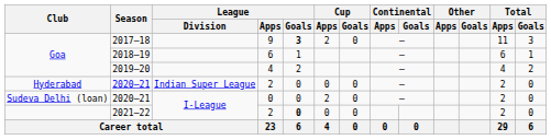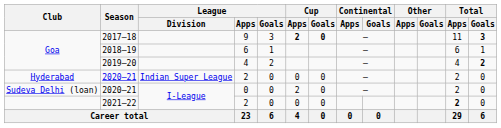 <table class=wikitable style=text-align:center>
 <tr>
 <th rowspan=2>Club</th>
 <th rowspan=2>Season</th>
 <th colspan=3>League</th>
 <th colspan=2>Cup</th>
 <th colspan=2>Continental</th>
 <th colspan="2">Other</th>
 <th colspan=2>Total</th>
 </tr>
 <tr>
 <th>Division</th>
 <th>Apps</th>
 <th>Goals</th>
 <th>Apps</th>
 <th>Goals</th>
 <th>Apps</th>
 <th>Goals</th>
 <th>Apps</th>
 <th>Goals</th>
 <th>Apps</th>
 <th>Goals</th>
 </tr>
 <tr>
 <td rowspan="3"><a href='#'>Goa</a></td>
 <td>2017–18</td>
 <td></td>
 <td>9</td>
-<td><strong>3</strong></td>
-<td>2</td>
-<td>0</td>
+<td>3</td>
+<td><strong>2</strong></td>
+<td><strong>0</strong></td>
 <td colspan="2">—</td>
 <td></td>
 <td></td>
 <td>11</td>
-<td>3</td>
+<td><strong>3</strong></td>
 </tr>
 <tr>
 <td>2018–19</td>
 <td></td>
 <td>6</td>
 <td>1</td>
 <td></td>
 <td></td>
 <td colspan="2">—</td>
 <td></td>
 <td></td>
 <td>6</td>
 <td>1</td>
 </tr>
 <tr>
 <td>2019–20</td>
 <td></td>
 <td>4</td>
 <td>2</td>
 <td></td>
 <td></td>
 <td colspan="2">—</td>
 <td></td>
 <td></td>
 <td>4</td>
-<td>2</td>
+<td><strong>2</strong></td>
 </tr>
 <tr>
 <td rowspan=1><a href='#'>Hyderabad</a></td>
 <td><a href='#'>2020–21</a></td>
 <td><a href='#'>Indian Super League</a></td>
 <td>2</td>
 <td>0</td>
 <td>0</td>
 <td>0</td>
 <td colspan="2">—</td>
 <td></td>
 <td></td>
 <td>2</td>
 <td>0</td>
 </tr>
 <tr>
 <td><a href='#'>Sudeva Delhi</a> (loan)</td>
 <td>2020–21</td>
 <td rowspan="2"><a href='#'>I-League</a></td>
 <td>0</td>
 <td>0</td>
 <td>2</td>
 <td>0</td>
 <td colspan="2">—</td>
 <td></td>
 <td></td>
 <td>2</td>
 <td>0</td>
 </tr>
 <tr>
 <td></td>
 <td>2021–22</td>
 <td>2</td>
-<td><strong>0</strong></td>
+<td>0</td>
 <td>0</td>
 <td>0</td>
 <td></td>
 <td></td>
 <td></td>
 <td></td>
-<td>2</td>
+<td><strong>2</strong></td>
 <td>0</td>
 </tr>
 <tr>
 <th colspan="3">Career total</th>
 <th>23</th>
 <th>6</th>
 <th>4</th>
 <th>0</th>
 <th>0</th>
 <th>0</th>
 <th></th>
 <th></th>
 <th>29</th>
 <th>6</th>
 </tr>
 </table>
